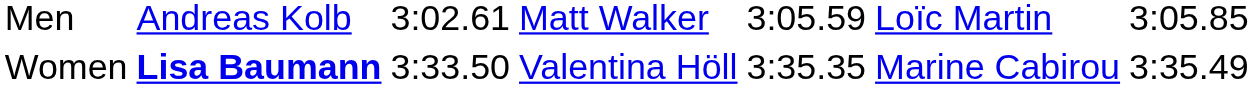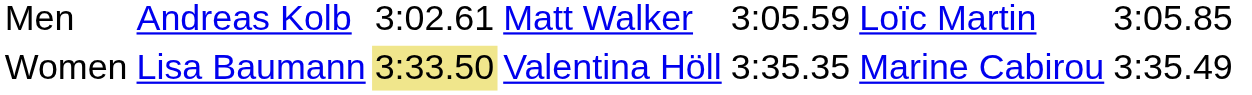 <table>
 <tr>
 <td align="left">Men</td>
 <td> <a href='#'>Andreas Kolb</a></td>
 <td>3:02.61</td>
 <td> <a href='#'>Matt Walker</a></td>
 <td>3:05.59</td>
 <td> <a href='#'>Loïc Martin</a></td>
 <td>3:05.85</td>
 </tr>
 <tr>
 <td align="left">Women</td>
-<td><strong> <a href='#'>Lisa Baumann</a></strong></td>
-<td>3:33.50</td>
+<td> <a href='#'>Lisa Baumann</a></td>
+<td style="background: khaki;">3:33.50</td>
 <td> <a href='#'>Valentina Höll</a></td>
 <td>3:35.35</td>
 <td> <a href='#'>Marine Cabirou</a></td>
 <td>3:35.49</td>
 </tr>
 </table>
